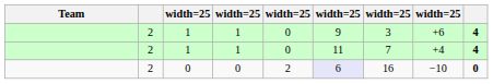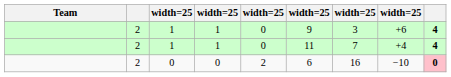 <table class="wikitable" style="text-align: center; font-size: 90%;">
 <tr>
 <th width="165">Team</th>
 <th width=25></th>
 <th>width=25</th>
 <th>width=25</th>
 <th>width=25</th>
 <th>width=25</th>
 <th>width=25</th>
 <th>width=25</th>
 <th width=25></th>
 </tr>
 <tr bgcolor=#ccffcc>
 <td align=left></td>
 <td>2</td>
 <td>1</td>
 <td>1</td>
 <td>0</td>
 <td>9</td>
 <td>3</td>
 <td>+6</td>
 <td><strong>4</strong></td>
 </tr>
 <tr bgcolor=#ccffcc>
 <td align=left></td>
 <td>2</td>
 <td>1</td>
 <td>1</td>
 <td>0</td>
 <td>11</td>
 <td>7</td>
 <td>+4</td>
 <td><strong>4</strong></td>
 </tr>
 <tr>
 <td align=left></td>
 <td>2</td>
 <td>0</td>
 <td>0</td>
 <td>2</td>
-<td style="background: lavender;">6</td>
+<td>6</td>
 <td>16</td>
 <td>−10</td>
-<td><strong>0</strong></td>
+<td style="background: pink;"><strong>0</strong></td>
 </tr>
 </table>
